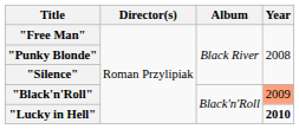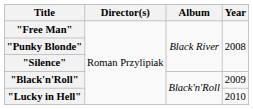 <table class="wikitable sortable plainrowheaders" style="text-align: center;">
 <tr>
 <th scope="col">Title</th>
 <th scope="col">Director(s)</th>
 <th scope="col">Album</th>
 <th scope="col">Year</th>
 </tr>
 <tr>
 <th scope="row">"Free Man"</th>
 <td rowspan=5>Roman Przylipiak</td>
 <td rowspan=3><em>Black River</em></td>
 <td rowspan=3>2008</td>
 </tr>
 <tr>
 <th scope="row">"Punky Blonde"</th>
 </tr>
 <tr>
 <th scope="row">"Silence"</th>
 </tr>
 <tr>
 <th scope="row">"Black'n'Roll"</th>
 <td rowspan=2><em>Black'n'Roll</em></td>
-<td style="background: lightsalmon;">2009</td>
+<td>2009</td>
 </tr>
 <tr>
 <th scope="row">"Lucky in Hell"</th>
-<td><strong>2010</strong></td>
+<td>2010</td>
 </tr>
 </table>
